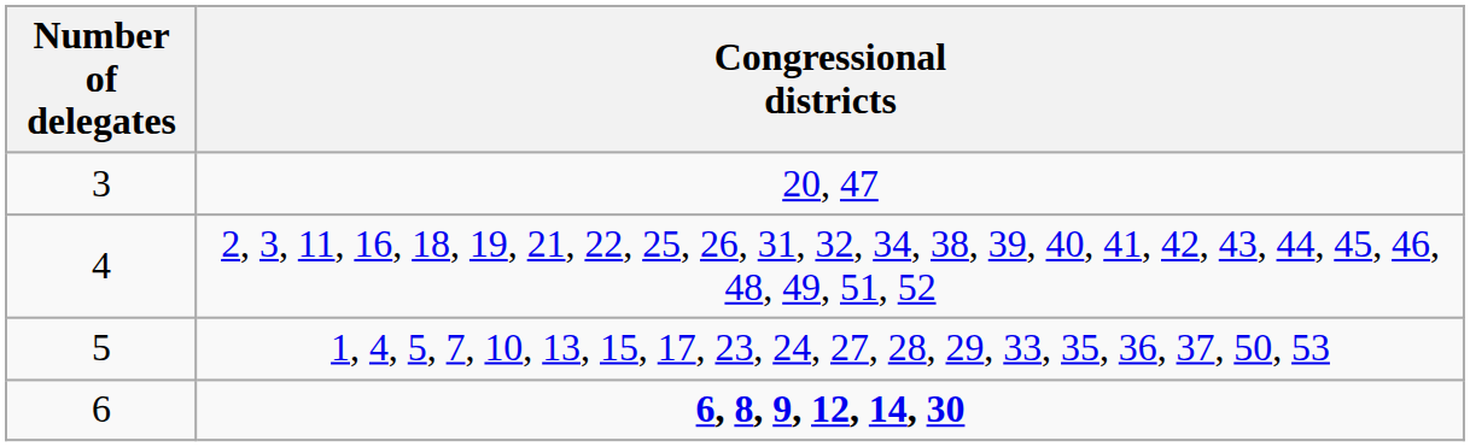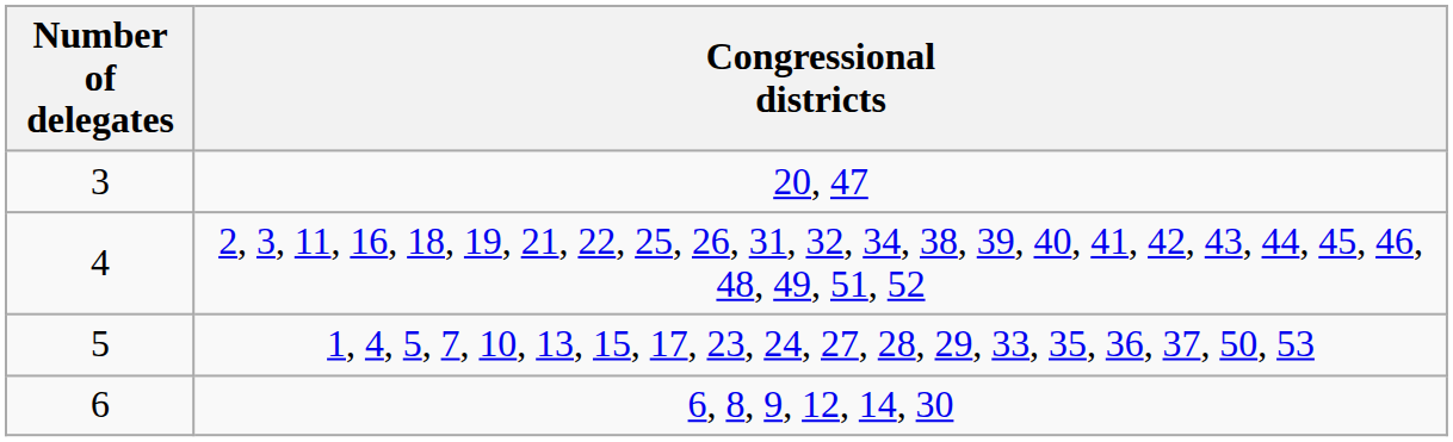 <table class = "wikitable" style="text-align:center;">
 <tr>
 <th>Number of <br> delegates</th>
 <th>Congressional<br>districts</th>
 </tr>
 <tr>
 <td>3</td>
 <td><a href='#'>20</a>, <a href='#'>47</a></td>
 </tr>
 <tr>
 <td>4</td>
 <td><a href='#'>2</a>, <a href='#'>3</a>, <a href='#'>11</a>, <a href='#'>16</a>, <a href='#'>18</a>, <a href='#'>19</a>, <a href='#'>21</a>, <a href='#'>22</a>, <a href='#'>25</a>, <a href='#'>26</a>, <a href='#'>31</a>, <a href='#'>32</a>, <a href='#'>34</a>, <a href='#'>38</a>, <a href='#'>39</a>, <a href='#'>40</a>, <a href='#'>41</a>, <a href='#'>42</a>, <a href='#'>43</a>, <a href='#'>44</a>, <a href='#'>45</a>, <a href='#'>46</a>, <a href='#'>48</a>, <a href='#'>49</a>, <a href='#'>51</a>, <a href='#'>52</a></td>
 </tr>
 <tr>
 <td>5</td>
 <td><a href='#'>1</a>, <a href='#'>4</a>, <a href='#'>5</a>, <a href='#'>7</a>, <a href='#'>10</a>, <a href='#'>13</a>, <a href='#'>15</a>, <a href='#'>17</a>, <a href='#'>23</a>, <a href='#'>24</a>, <a href='#'>27</a>, <a href='#'>28</a>, <a href='#'>29</a>, <a href='#'>33</a>, <a href='#'>35</a>, <a href='#'>36</a>, <a href='#'>37</a>, <a href='#'>50</a>, <a href='#'>53</a></td>
 </tr>
 <tr>
 <td>6</td>
-<td><strong><a href='#'>6</a>, <a href='#'>8</a>, <a href='#'>9</a>, <a href='#'>12</a>, <a href='#'>14</a>, <a href='#'>30</a></strong></td>
+<td><a href='#'>6</a>, <a href='#'>8</a>, <a href='#'>9</a>, <a href='#'>12</a>, <a href='#'>14</a>, <a href='#'>30</a></td>
 </tr>
 </table>
